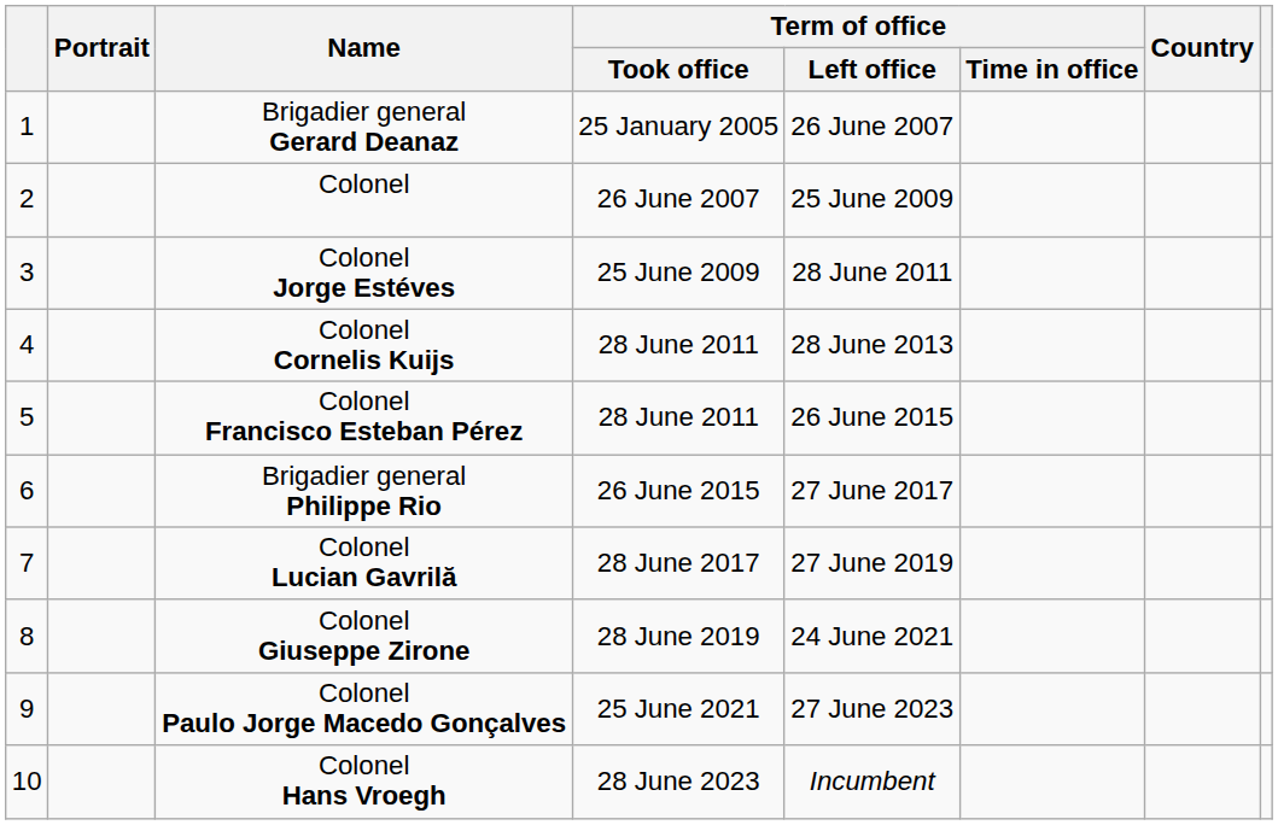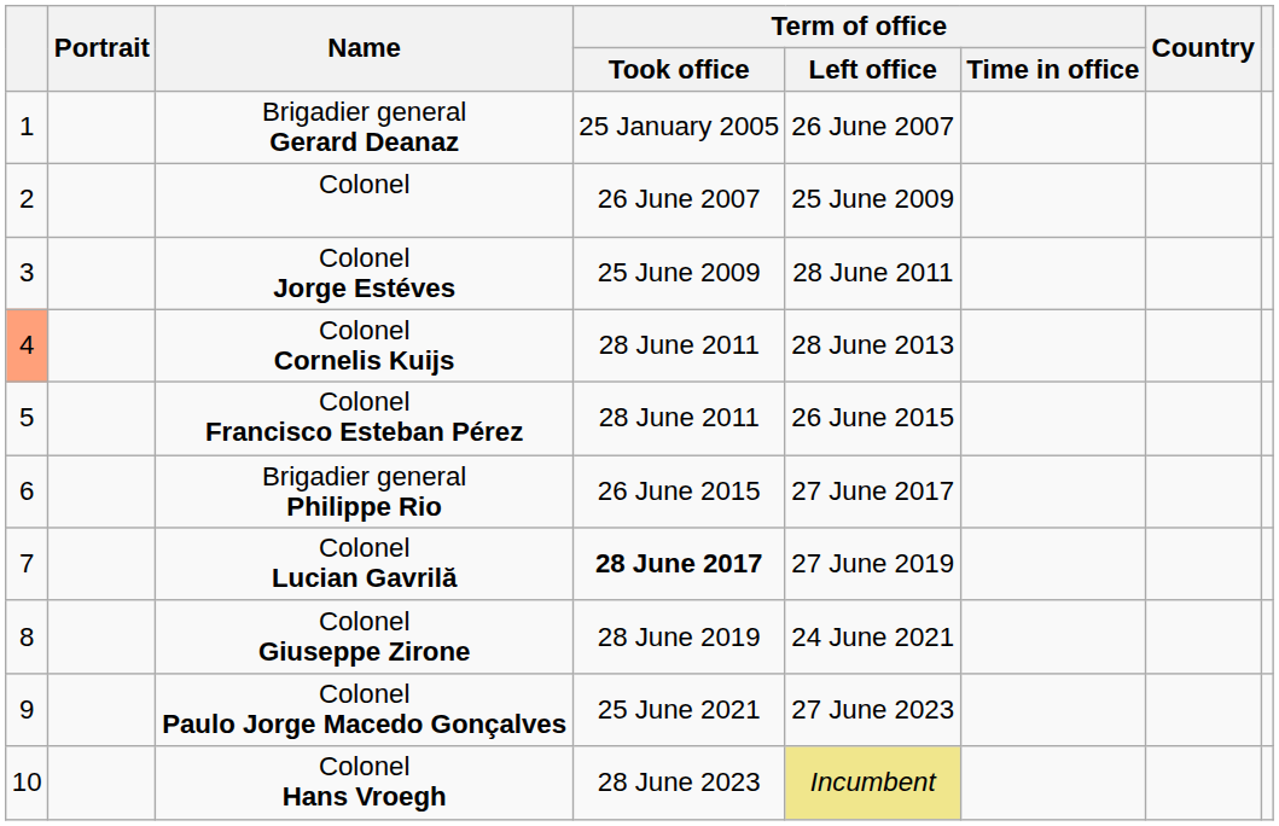 <table class="wikitable" style="text-align:center">
 <tr>
 <th rowspan=2></th>
 <th rowspan=2>Portrait</th>
 <th rowspan=2>Name</th>
 <th colspan=3>Term of office</th>
 <th rowspan=2>Country</th>
 <th rowspan=2></th>
 </tr>
 <tr>
 <th>Took office</th>
 <th>Left office</th>
 <th>Time in office</th>
 </tr>
 <tr>
 <td>1</td>
 <td></td>
 <td>Brigadier general<br><strong>Gerard Deanaz</strong></td>
 <td>25 January 2005</td>
 <td>26 June 2007</td>
 <td></td>
 <td></td>
 <td></td>
 </tr>
 <tr>
 <td>2</td>
 <td></td>
 <td>Colonel<br><strong></strong><br></td>
 <td>26 June 2007</td>
 <td>25 June 2009</td>
 <td></td>
 <td></td>
 <td></td>
 </tr>
 <tr>
 <td>3</td>
 <td></td>
 <td>Colonel<br><strong>Jorge Estéves</strong></td>
 <td>25 June 2009</td>
 <td>28 June 2011</td>
 <td></td>
 <td></td>
 <td></td>
 </tr>
 <tr>
-<td>4</td>
+<td style="background: lightsalmon;">4</td>
 <td></td>
 <td>Colonel<br><strong>Cornelis Kuijs</strong></td>
 <td>28 June 2011</td>
 <td>28 June 2013</td>
 <td></td>
 <td></td>
 <td></td>
 </tr>
 <tr>
 <td>5</td>
 <td></td>
 <td>Colonel<br><strong>Francisco Esteban Pérez</strong></td>
 <td>28 June 2011</td>
 <td>26 June 2015</td>
 <td></td>
 <td></td>
 <td></td>
 </tr>
 <tr>
 <td>6</td>
 <td></td>
 <td>Brigadier general<br><strong>Philippe Rio</strong></td>
 <td>26 June 2015</td>
 <td>27 June 2017</td>
 <td></td>
 <td></td>
 <td></td>
 </tr>
 <tr>
 <td>7</td>
 <td></td>
 <td>Colonel<br><strong>Lucian Gavrilă</strong></td>
-<td>28 June 2017</td>
+<td><strong>28 June 2017</strong></td>
 <td>27 June 2019</td>
 <td></td>
 <td></td>
 <td></td>
 </tr>
 <tr>
 <td>8</td>
 <td></td>
 <td>Colonel<br><strong>Giuseppe Zirone</strong></td>
 <td>28 June 2019</td>
 <td>24 June 2021</td>
 <td></td>
 <td></td>
 <td></td>
 </tr>
 <tr>
 <td>9</td>
 <td></td>
 <td>Colonel<br><strong>Paulo Jorge Macedo Gonçalves</strong><br></td>
 <td>25 June 2021</td>
 <td>27 June 2023</td>
 <td></td>
 <td></td>
 <td></td>
 </tr>
 <tr>
 <td>10</td>
 <td></td>
 <td>Colonel<br><strong>Hans Vroegh</strong><br></td>
 <td>28 June 2023</td>
-<td><em>Incumbent</em></td>
+<td style="background: khaki;"><em>Incumbent</em></td>
 <td></td>
 <td></td>
 <td></td>
 </tr>
 </table>
